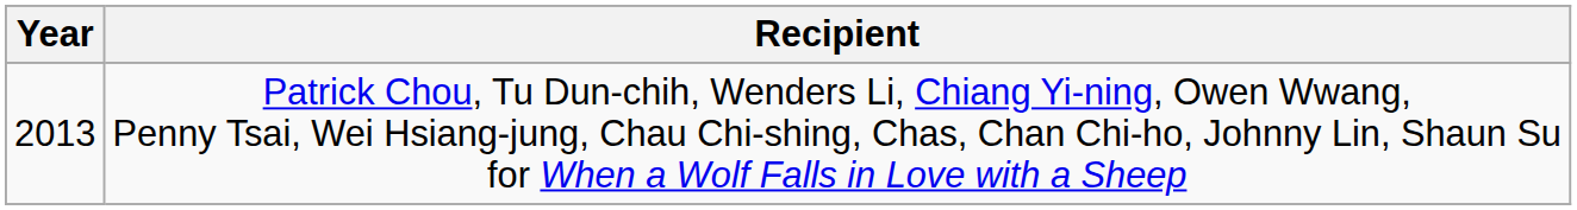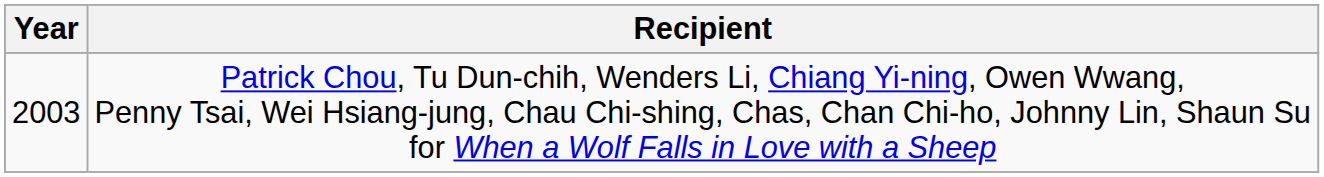 <table class="sortable wikitable" style="text-align:center">
 <tr>
 <th>Year</th>
 <th>Recipient</th>
 </tr>
 <tr>
-<td>2013</td>
+<td>2003</td>
 <td><a href='#'>Patrick Chou</a>, Tu Dun-chih, Wenders Li, <a href='#'>Chiang Yi-ning</a>, Owen Wwang,<br> Penny Tsai, Wei Hsiang-jung, Chau Chi-shing, Chas, Chan Chi-ho, Johnny Lin, Shaun Su<br> for <em><a href='#'>When a Wolf Falls in Love with a Sheep</a></em></td>
 </tr>
 </table>
